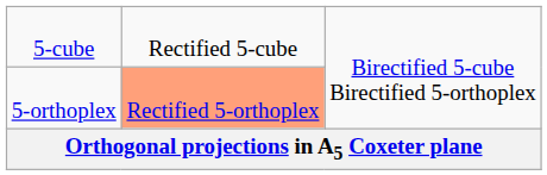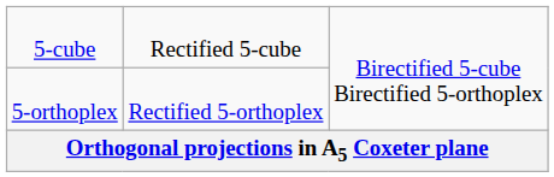 <table class=wikitable align=right style="margin-left:1em;">
 <tr align=center>
 <td><br><a href='#'>5-cube</a><br></td>
 <td><br>Rectified 5-cube<br></td>
 <td rowspan=2><br><a href='#'>Birectified 5-cube</a><br>Birectified 5-orthoplex<br></td>
 </tr>
 <tr align=center>
 <td><br><a href='#'>5-orthoplex</a><br></td>
-<td style="background: lightsalmon;"><br><a href='#'>Rectified 5-orthoplex</a><br></td>
+<td><br><a href='#'>Rectified 5-orthoplex</a><br></td>
 </tr>
 <tr>
 <th colspan=5><a href='#'>Orthogonal projections</a> in A<sub>5</sub> <a href='#'>Coxeter plane</a></th>
 </tr>
 </table>
